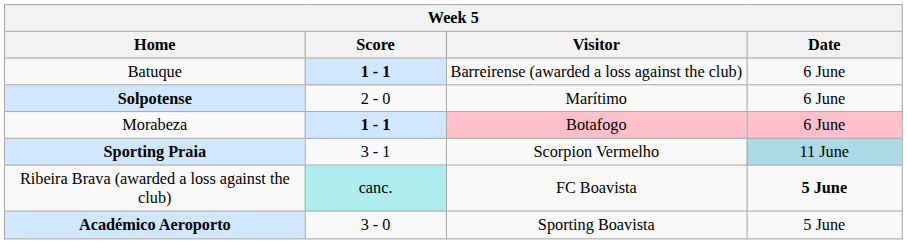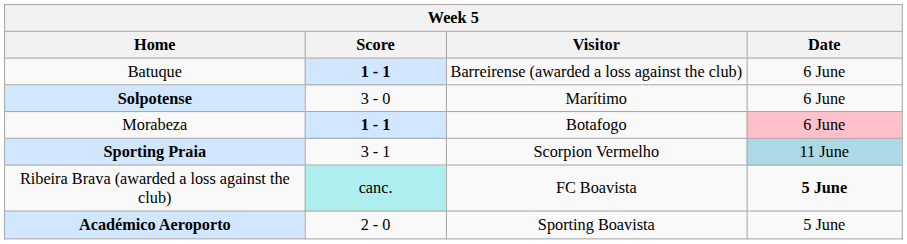 <table class="wikitable" style="font-size:95%; text-align: center; width: 95%;">
 <tr>
 <th colspan="12" style="with: 100%;" align=center>Week 5</th>
 </tr>
 <tr>
 <th width="200">Home</th>
 <th width="90">Score</th>
 <th width="200">Visitor</th>
 <th width="100">Date</th>
 </tr>
 <tr align=center>
 <td>Batuque</td>
 <td bgcolor=#D0E7FF><strong>1 - 1</strong></td>
 <td>Barreirense (awarded a loss against the club)</td>
 <td>6 June</td>
 </tr>
 <tr align=center>
 <td bgcolor=#D0E7FF><strong>Solpotense</strong></td>
-<td>2 - 0</td>
+<td>3 - 0</td>
 <td>Marítimo</td>
 <td>6 June</td>
 </tr>
 <tr align=center>
 <td>Morabeza</td>
 <td bgcolor=#D0E7FF><strong>1 - 1</strong></td>
-<td style="background: pink;">Botafogo</td>
+<td>Botafogo</td>
 <td style="background: pink;">6 June</td>
 </tr>
 <tr align=center>
 <td bgcolor=#D0E7FF><strong> Sporting Praia</strong></td>
 <td>3 - 1</td>
 <td>Scorpion Vermelho</td>
 <td style="background: lightblue;">11 June</td>
 </tr>
 <tr align=center>
 <td>Ribeira Brava (awarded a loss against the club)</td>
 <td style="background: paleturquoise;">canc.</td>
 <td>FC Boavista</td>
 <td><strong>5 June</strong></td>
 </tr>
 <tr align=center>
 <td bgcolor=#D0E7FF><strong>Académico Aeroporto</strong></td>
-<td>3 - 0</td>
+<td>2 - 0</td>
 <td>Sporting Boavista</td>
 <td>5 June</td>
 </tr>
 </table>
